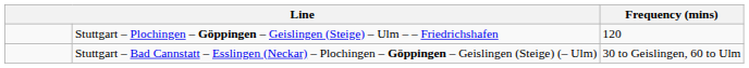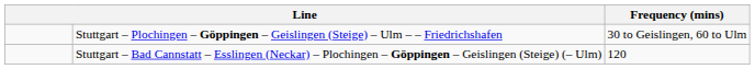 <table class="wikitable">
 <tr>
 <th colspan="2">Line</th>
 <th>Frequency (mins)</th>
 </tr>
 <tr>
 <td align="center" style="width:5em"></td>
 <td>Stuttgart – <a href='#'>Plochingen</a> – <strong>Göppingen</strong> – <a href='#'>Geislingen (Steige)</a> – Ulm –  – <a href='#'>Friedrichshafen</a></td>
-<td>120</td>
+<td>30 to Geislingen, 60 to Ulm</td>
 </tr>
 <tr>
 <td align="center" style="width:5em"></td>
 <td>Stuttgart – <a href='#'>Bad Cannstatt</a> – <a href='#'>Esslingen (Neckar)</a> – Plochingen – <strong>Göppingen</strong> – Geislingen (Steige) (– Ulm)</td>
-<td>30 to Geislingen, 60 to Ulm</td>
+<td>120</td>
 </tr>
 </table>
